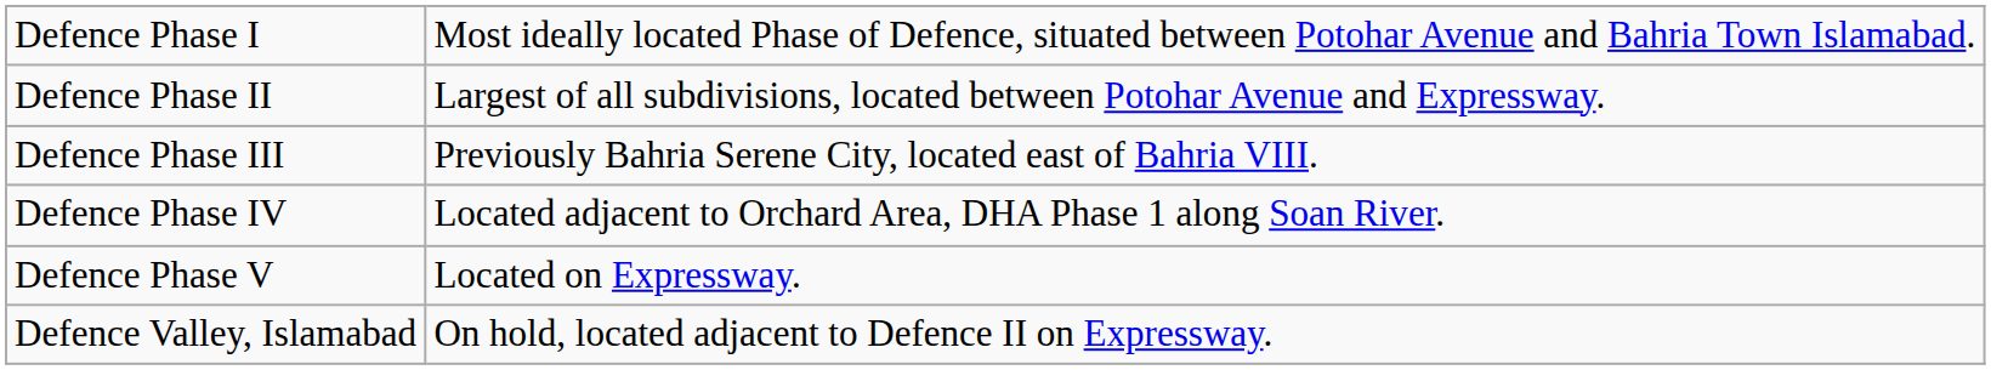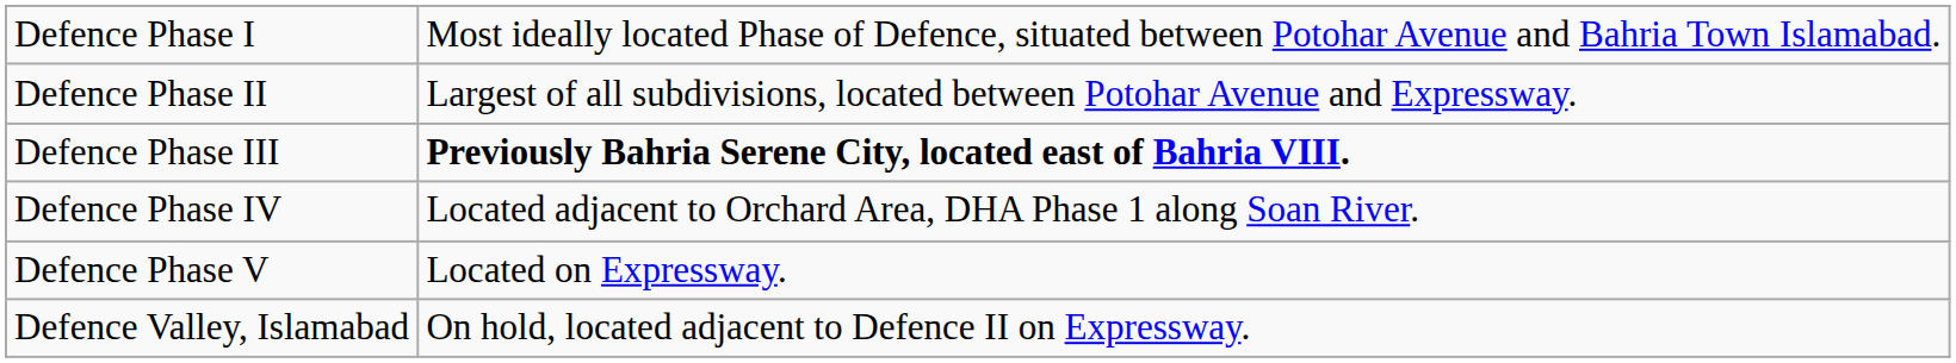 <table class="wikitable">
 <tr>
 <td>Defence Phase I</td>
 <td>Most ideally located Phase of Defence, situated between <a href='#'>Potohar Avenue</a> and <a href='#'>Bahria Town Islamabad</a>.</td>
 </tr>
 <tr>
 <td>Defence Phase II</td>
 <td>Largest of all subdivisions, located between <a href='#'>Potohar Avenue</a> and <a href='#'>Expressway</a>.</td>
 </tr>
 <tr>
 <td>Defence Phase III</td>
-<td>Previously Bahria Serene City, located east of <a href='#'>Bahria VIII</a>.</td>
+<td><strong>Previously Bahria Serene City, located east of <a href='#'>Bahria VIII</a>.</strong></td>
 </tr>
 <tr>
 <td>Defence Phase IV</td>
 <td>Located adjacent to Orchard Area, DHA Phase 1 along <a href='#'>Soan River</a>.</td>
 </tr>
 <tr>
 <td>Defence Phase V</td>
 <td>Located on <a href='#'>Expressway</a>.</td>
 </tr>
 <tr>
 <td>Defence Valley, Islamabad</td>
 <td>On hold, located adjacent to Defence II on <a href='#'>Expressway</a>.</td>
 </tr>
 </table>
